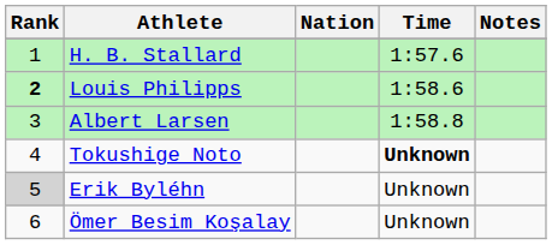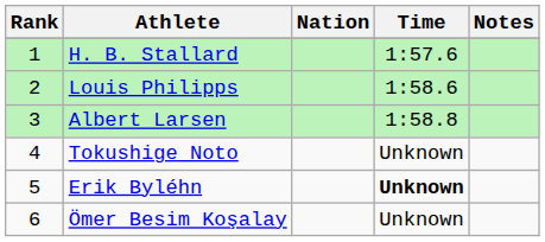 <table class="wikitable sortable" style="text-align:center">
 <tr>
 <th>Rank</th>
 <th>Athlete</th>
 <th>Nation</th>
 <th>Time</th>
 <th>Notes</th>
 </tr>
 <tr>
 </tr>
 <tr bgcolor=bbf3bb>
 <td>1</td>
 <td align=left><a href='#'>H. B. Stallard</a></td>
 <td align=left></td>
 <td>1:57.6</td>
 <td></td>
 </tr>
 <tr bgcolor=bbf3bb>
-<td><strong>2</strong></td>
+<td>2</td>
 <td align=left><a href='#'>Louis Philipps</a></td>
 <td align=left></td>
 <td>1:58.6</td>
 <td></td>
 </tr>
 <tr bgcolor=bbf3bb>
 <td>3</td>
 <td align=left><a href='#'>Albert Larsen</a></td>
 <td align=left></td>
 <td>1:58.8</td>
 <td></td>
 </tr>
 <tr>
 <td>4</td>
 <td align=left><a href='#'>Tokushige Noto</a></td>
 <td align=left></td>
-<td data-sort-value=2:00.0><strong>Unknown</strong></td>
+<td data-sort-value=2:00.0>Unknown</td>
 <td></td>
 </tr>
 <tr>
-<td style="background: lightgrey;">5</td>
+<td>5</td>
 <td align=left><a href='#'>Erik Byléhn</a></td>
 <td align=left></td>
-<td data-sort-value=3:00.0>Unknown</td>
+<td data-sort-value=3:00.0><strong>Unknown</strong></td>
 <td></td>
 </tr>
 <tr>
 <td>6</td>
 <td align=left><a href='#'>Ömer Besim Koşalay</a></td>
 <td align=left></td>
 <td data-sort-value=4:00.0>Unknown</td>
 <td></td>
 </tr>
 </table>
